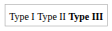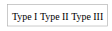 <table class="infobox" style="background:#fff">
 <tr style="padding:1em">
 <td></td>
 <td></td>
 <td></td>
 </tr>
 <tr>
 <td>Type I</td>
 <td>Type II</td>
-<td><strong>Type III</strong></td>
+<td>Type III</td>
 </tr>
 </table>
